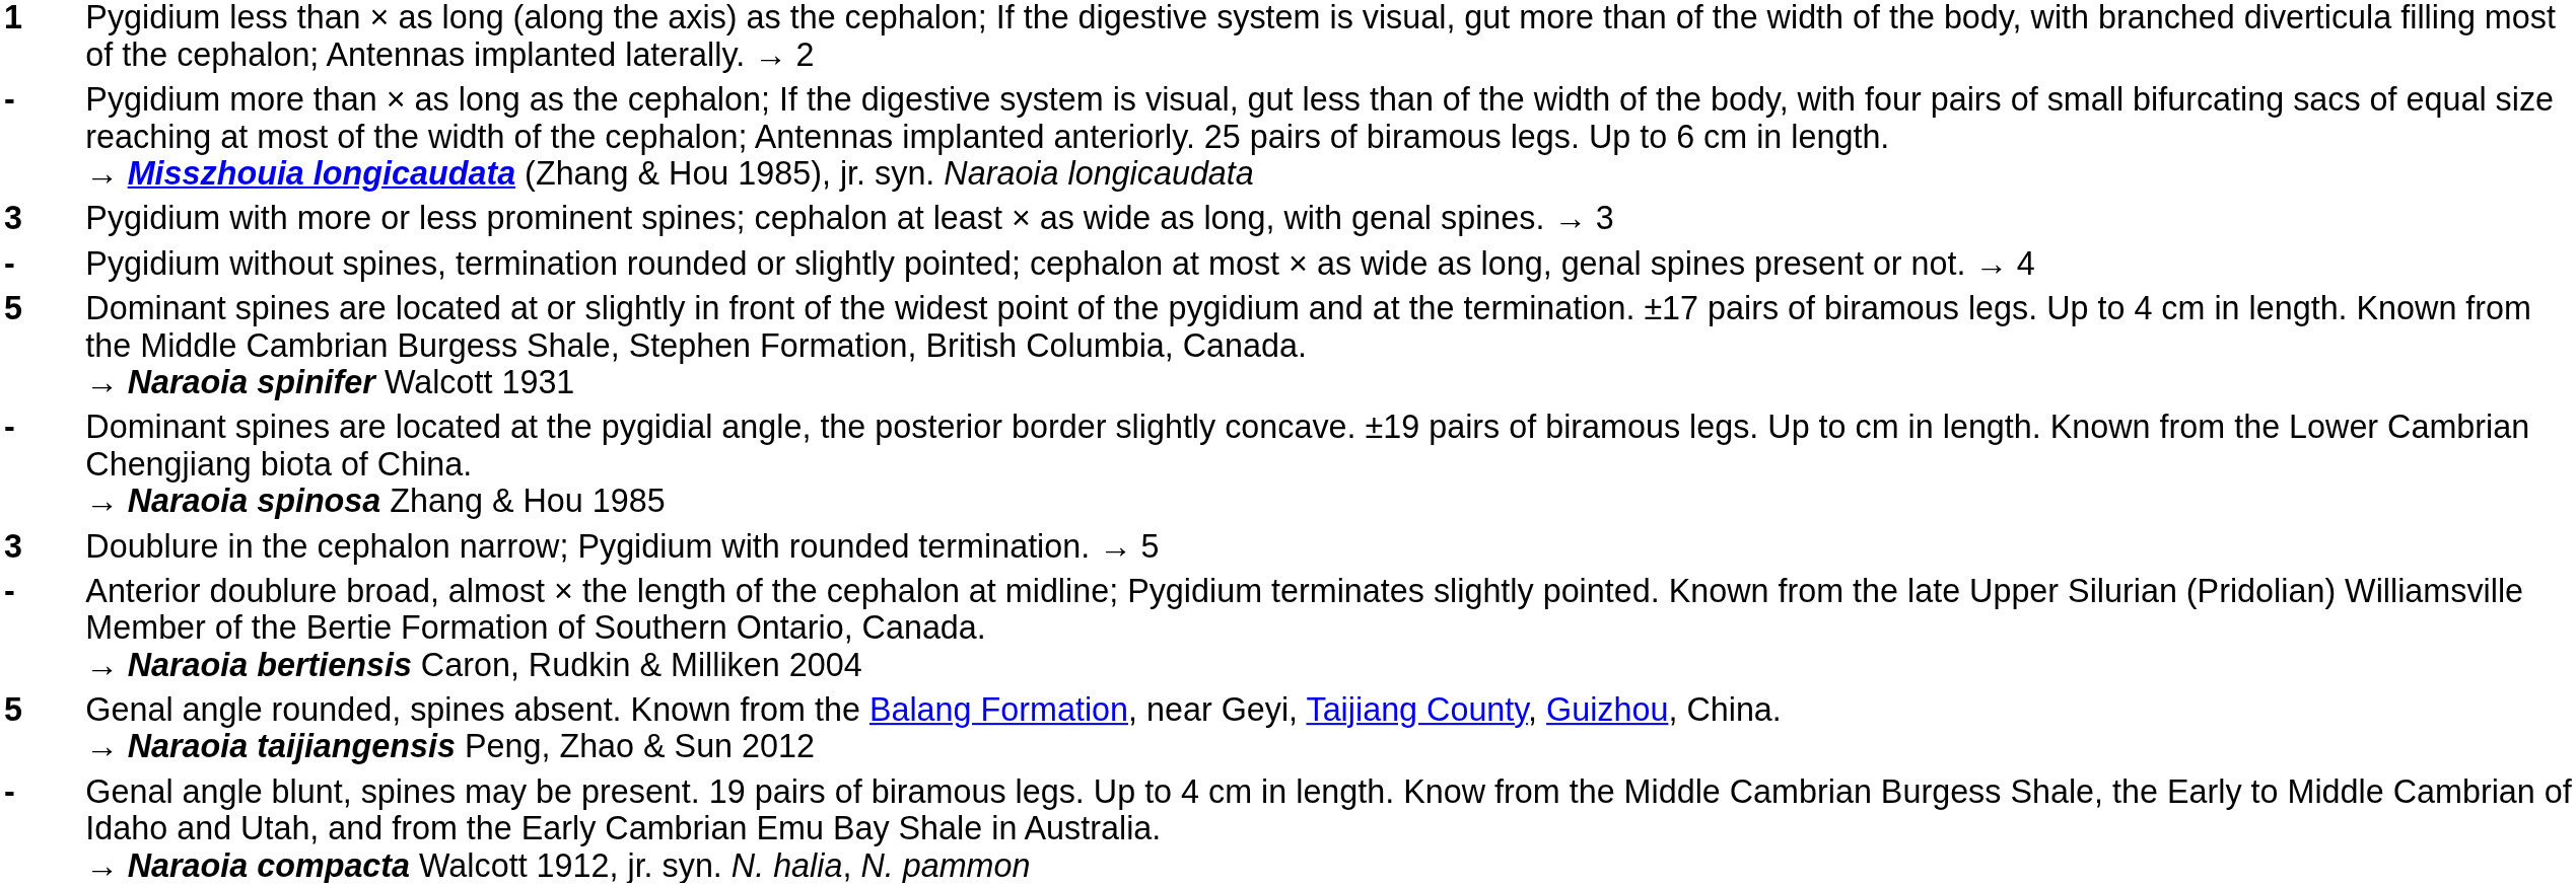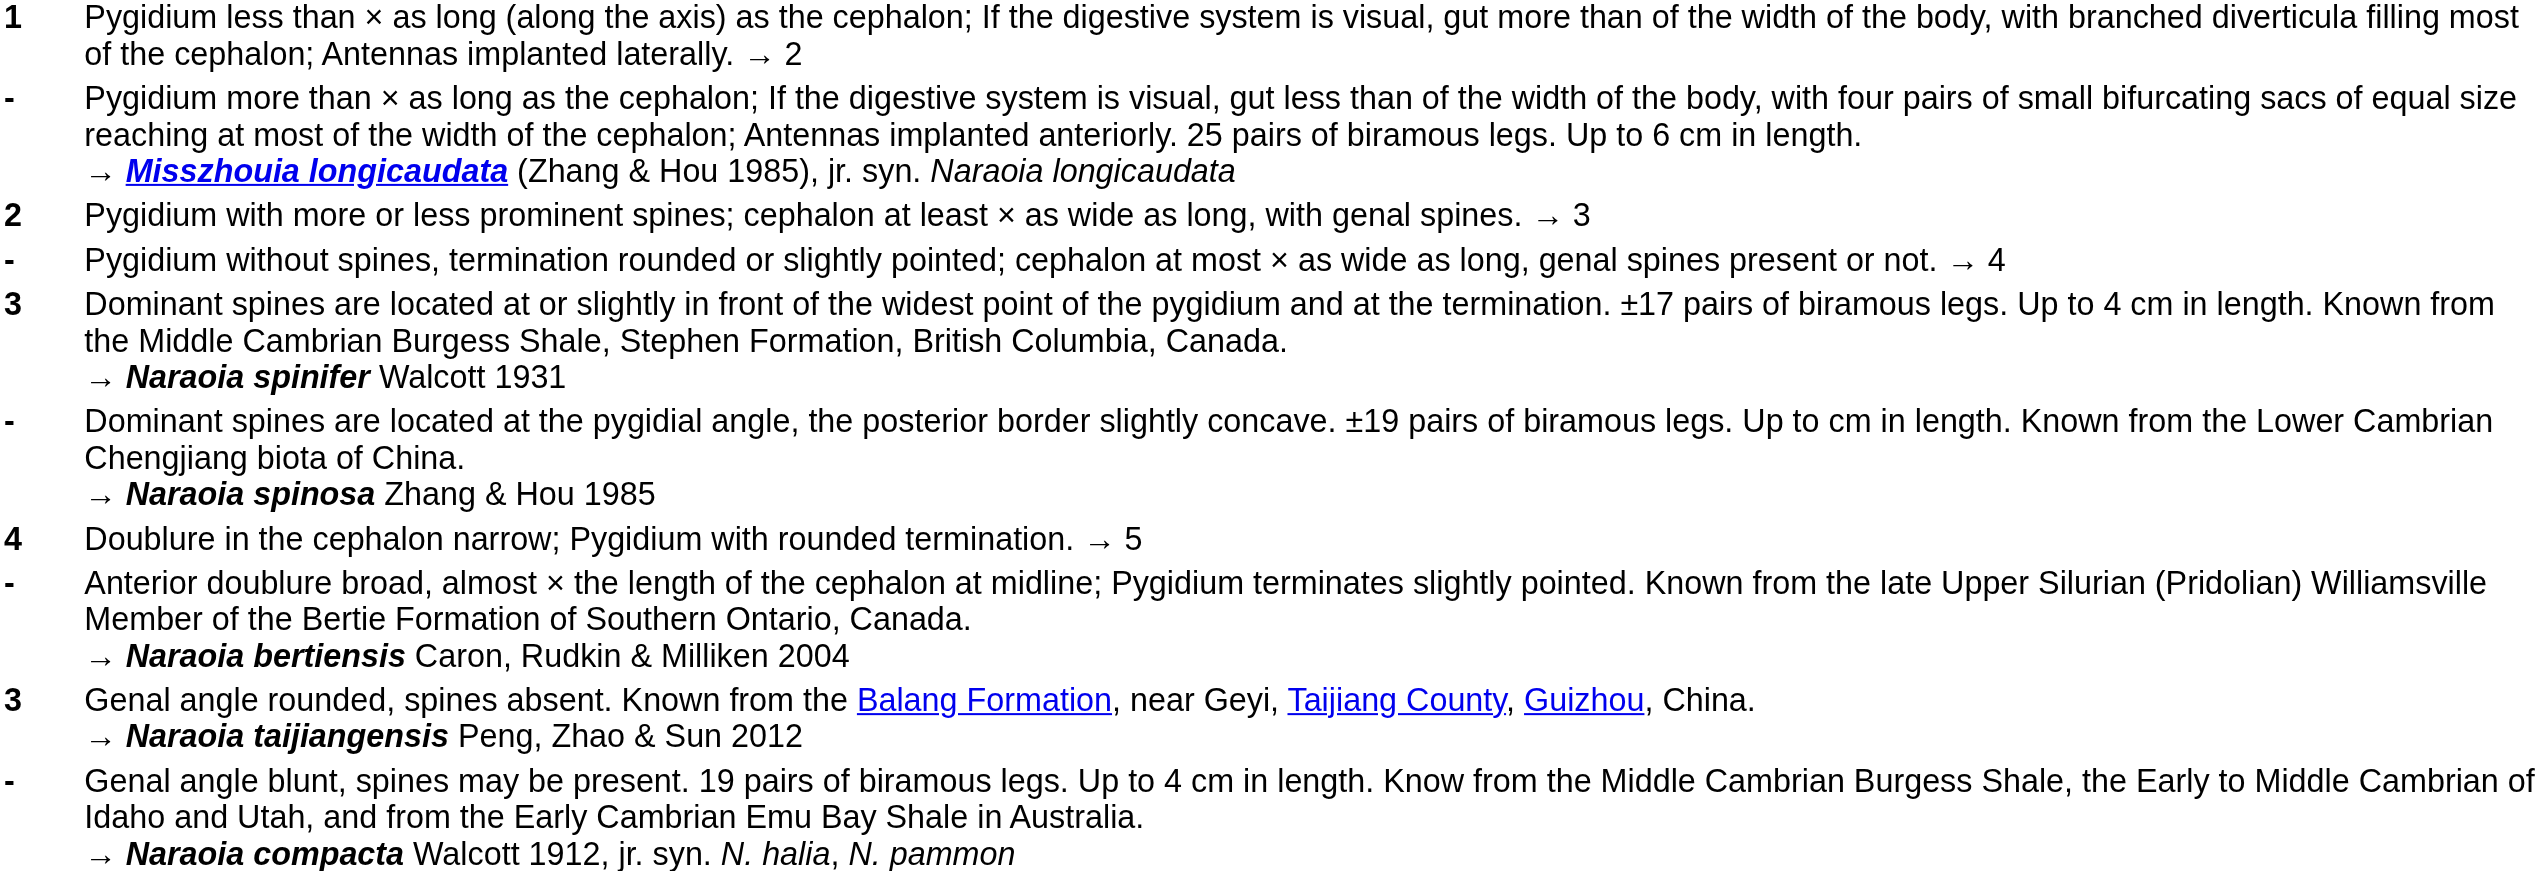 <table>
 <tr valign="top"  align="left">
 <th scope="row" width="3%"><strong>1</strong></th>
 <td width="97%">Pygidium less than × as long (along the axis) as the cephalon; If the digestive system is visual, gut more than  of the width of the body, with branched diverticula filling most of the cephalon; Antennas implanted laterally. → 2</td>
 </tr>
 <tr valign="top" align="left">
 <th scope="row" width="3%"><strong>-</strong></th>
 <td width="97%">Pygidium more than × as long as the cephalon; If the digestive system is visual, gut less than  of the width of the body, with four pairs of small bifurcating sacs of equal size reaching at most  of the width of the cephalon; Antennas implanted anteriorly. 25 pairs of biramous legs. Up to 6 cm in length.<br>→ <strong><em><a href='#'> Misszhouia longicaudata</a></em></strong> (Zhang & Hou 1985), jr. syn. <em>Naraoia longicaudata</em></td>
 </tr>
 <tr valign="top"  align="left">
-<th scope="row" width="3%"><strong>3</strong></th>
+<th scope="row" width="3%"><strong>2</strong></th>
 <td width="97%">Pygidium with more or less prominent spines; cephalon at least × as wide as long, with genal spines. → 3</td>
 </tr>
 <tr valign="top" align="left">
 <th scope="row" width="3%"><strong>-</strong></th>
 <td width="97%">Pygidium without spines, termination rounded or slightly pointed; cephalon at most × as wide as long, genal spines present or not. → 4</td>
 </tr>
 <tr valign="top"  align="left">
-<th scope="row" width="3%"><strong>5</strong></th>
+<th scope="row" width="3%"><strong>3</strong></th>
 <td width="97%">Dominant spines are located at or slightly in front of the widest point of the pygidium and at the termination. ±17 pairs of biramous legs. Up to 4 cm in length. Known from the Middle Cambrian Burgess Shale, Stephen Formation, British Columbia, Canada.<br>→ <strong><em>Naraoia spinifer</em></strong> Walcott 1931</td>
 </tr>
 <tr valign="top" align="left">
 <th scope="row" width="3%"><strong>-</strong></th>
 <td width="97%">Dominant spines are located at the pygidial angle, the posterior border slightly concave.  ±19 pairs of biramous legs. Up to  cm in length. Known from the Lower Cambrian Chengjiang biota of China.<br>→ <strong><em>Naraoia spinosa</em></strong> Zhang & Hou 1985</td>
 </tr>
 <tr valign="top"  align="left">
-<th scope="row" width="3%"><strong>3</strong></th>
+<th scope="row" width="3%"><strong>4</strong></th>
 <td width="97%">Doublure in the cephalon narrow; Pygidium with rounded termination. → 5</td>
 </tr>
 <tr valign="top" align="left">
 <th scope="row" width="3%"><strong>-</strong></th>
 <td width="97%">Anterior doublure broad, almost × the length of the cephalon at midline; Pygidium terminates slightly pointed. Known from the late Upper Silurian (Pridolian) Williamsville Member of the Bertie Formation of Southern Ontario, Canada.<br>→ <strong><em>Naraoia bertiensis</em></strong> Caron, Rudkin & Milliken 2004</td>
 </tr>
 <tr valign="top"  align="left">
-<th scope="row" width="3%"><strong>5</strong></th>
+<th scope="row" width="3%"><strong>3</strong></th>
 <td width="97%">Genal angle rounded, spines absent. Known from the <a href='#'>Balang Formation</a>, near Geyi, <a href='#'>Taijiang County</a>, <a href='#'>Guizhou</a>, China.<br>→ <strong><em>Naraoia taijiangensis</em></strong> Peng, Zhao & Sun 2012</td>
 </tr>
 <tr valign="top" align="left">
 <th scope="row" width="3%"><strong>-</strong></th>
 <td width="97%">Genal angle blunt, spines may be present. 19 pairs of biramous legs. Up to 4 cm in length. Know from the Middle Cambrian Burgess Shale, the Early to Middle Cambrian of Idaho and Utah, and from the Early Cambrian Emu Bay Shale in Australia.<br>→ <strong><em>Naraoia compacta</em></strong> Walcott 1912, jr. syn. <em>N. halia</em>, <em>N. pammon</em></td>
 </tr>
 </table>
